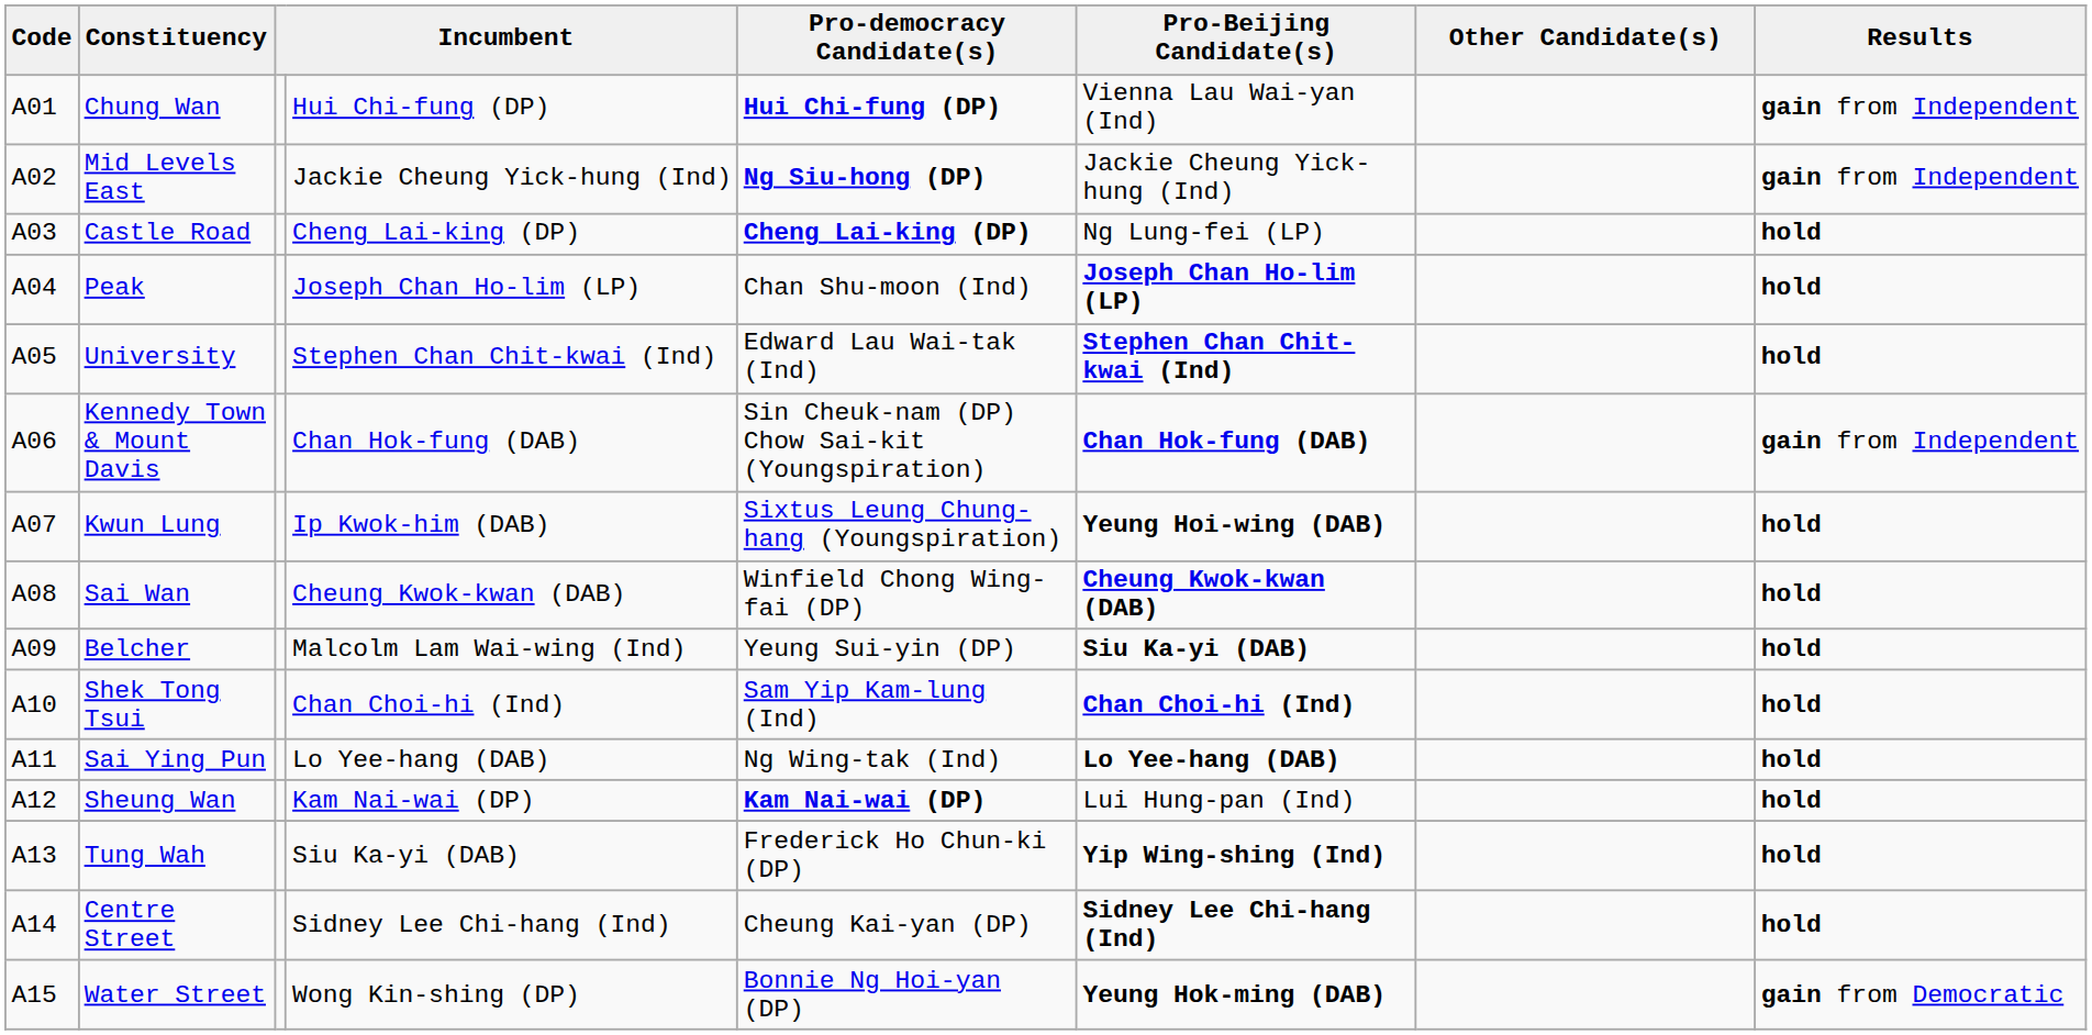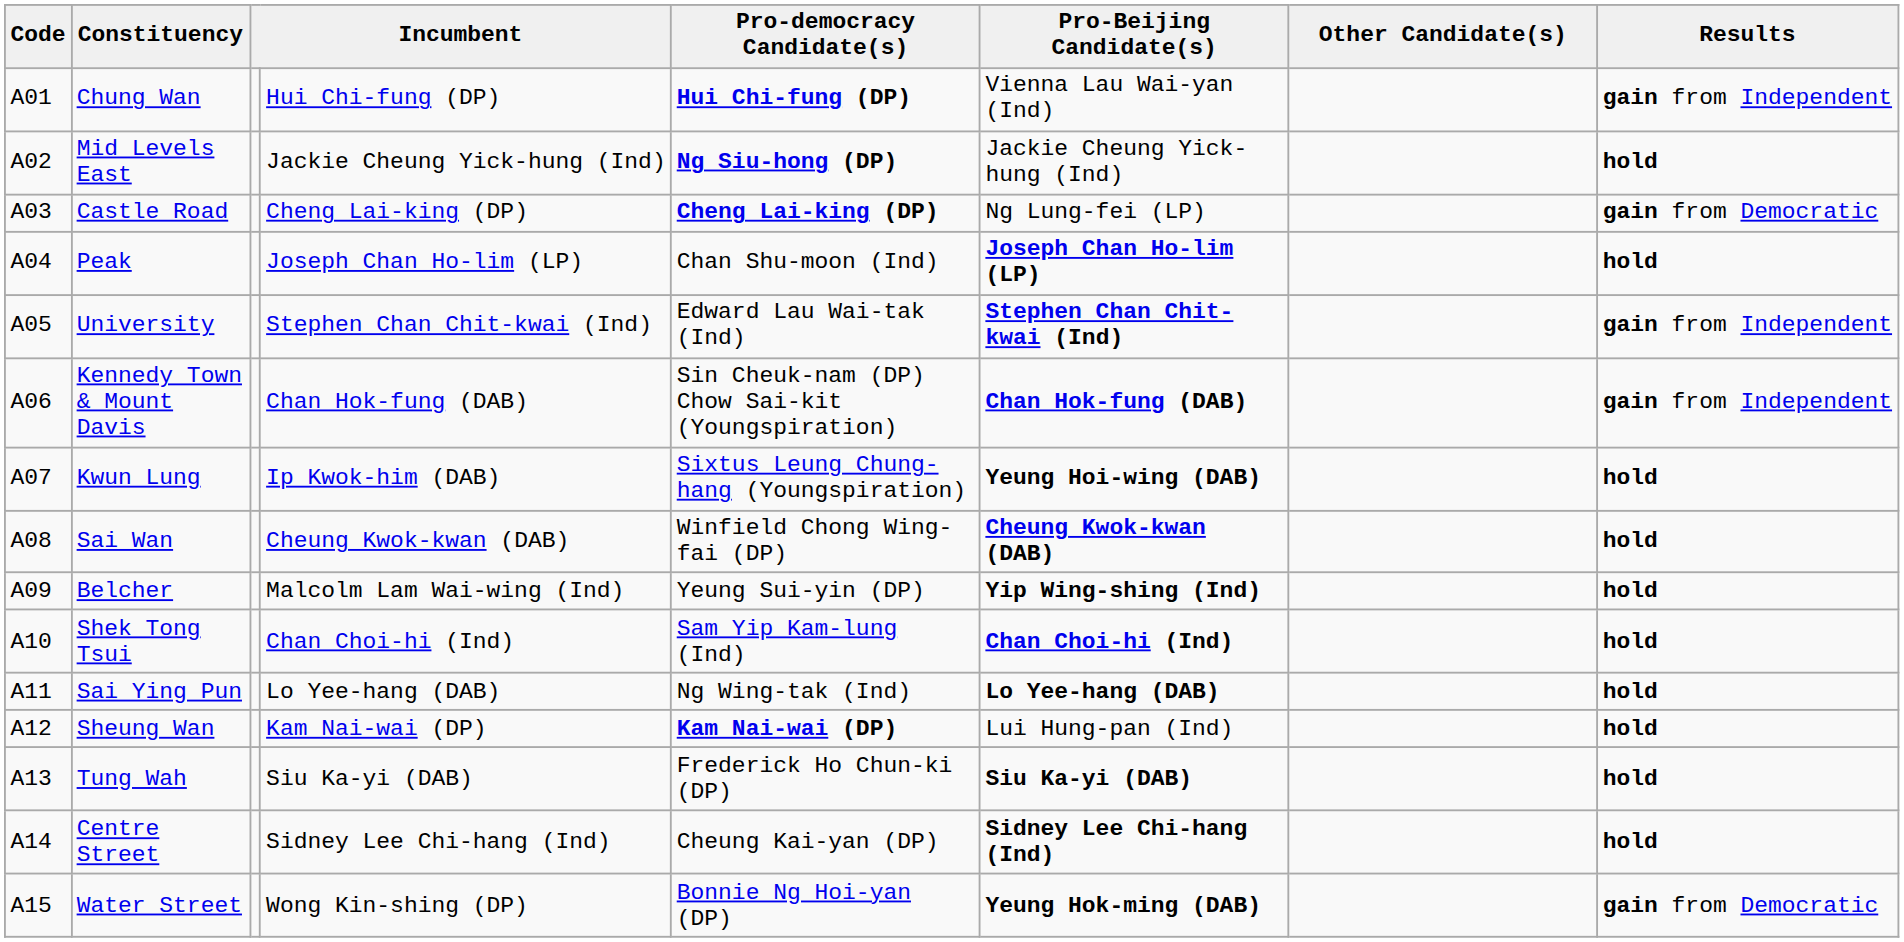 <table class="wikitable sortable" style="font-size: 95%;">
 <tr>
 <th align="center" style="background:#f0f0f0;" width="20px"><strong>Code</strong></th>
 <th align="center" style="background:#f0f0f0;" width="90px"><strong>Constituency</strong></th>
 <th align="center" style="background:#f0f0f0;" width="120px" colspan="2"><strong>Incumbent</strong></th>
 <th align="center" style="background:#f0f0f0;" width="160px"><strong>Pro-democracy Candidate(s)</strong></th>
 <th align="center" style="background:#f0f0f0;" width="160px"><strong>Pro-Beijing Candidate(s)</strong></th>
 <th align="center" style="background:#f0f0f0;" width="160px"><strong>Other Candidate(s)</strong></th>
 <th align="center" style="background:#f0f0f0;" width="100px" colspan="2"><strong>Results</strong></th>
 </tr>
 <tr>
 <td>A01</td>
 <td><a href='#'>Chung Wan</a></td>
 <td></td>
 <td><a href='#'>Hui Chi-fung</a> (DP)</td>
 <td><strong><a href='#'>Hui Chi-fung</a> (DP)</strong></td>
 <td>Vienna Lau Wai-yan (Ind)</td>
 <td></td>
 <td> <strong>gain</strong> from <a href='#'>Independent</a></td>
 </tr>
 <tr>
 <td>A02</td>
 <td><a href='#'>Mid Levels East</a></td>
 <td></td>
 <td>Jackie Cheung Yick-hung (Ind)</td>
 <td><strong><a href='#'>Ng Siu-hong</a> (DP)</strong></td>
 <td>Jackie Cheung Yick-hung (Ind)</td>
 <td></td>
-<td> <strong>gain</strong> from <a href='#'>Independent</a></td>
+<td> <strong>hold</strong></td>
 </tr>
 <tr>
 <td>A03</td>
 <td><a href='#'>Castle Road</a></td>
 <td></td>
 <td><a href='#'>Cheng Lai-king</a> (DP)</td>
 <td><strong><a href='#'>Cheng Lai-king</a> (DP)</strong></td>
 <td>Ng Lung-fei (LP)</td>
 <td></td>
-<td> <strong>hold</strong></td>
+<td> <strong>gain</strong> from <a href='#'>Democratic</a></td>
 </tr>
 <tr>
 <td>A04</td>
 <td><a href='#'>Peak</a></td>
 <td></td>
 <td><a href='#'>Joseph Chan Ho-lim</a> (LP)</td>
 <td>Chan Shu-moon (Ind)</td>
 <td><strong><a href='#'>Joseph Chan Ho-lim</a> (LP)</strong></td>
 <td></td>
 <td> <strong>hold</strong></td>
 </tr>
 <tr>
 <td>A05</td>
 <td><a href='#'>University</a></td>
 <td></td>
 <td><a href='#'>Stephen Chan Chit-kwai</a> (Ind)</td>
 <td>Edward Lau Wai-tak (Ind)</td>
 <td><strong><a href='#'>Stephen Chan Chit-kwai</a> (Ind)</strong></td>
 <td></td>
-<td> <strong>hold</strong></td>
+<td> <strong>gain</strong> from <a href='#'>Independent</a></td>
 </tr>
 <tr>
 <td>A06</td>
 <td><a href='#'>Kennedy Town & Mount Davis</a></td>
 <td></td>
 <td><a href='#'>Chan Hok-fung</a> (DAB)</td>
 <td>Sin Cheuk-nam (DP)<br>Chow Sai-kit (Youngspiration)</td>
 <td><strong><a href='#'>Chan Hok-fung</a> (DAB)</strong></td>
 <td></td>
 <td> <strong>gain</strong> from <a href='#'>Independent</a></td>
 </tr>
 <tr>
 <td>A07</td>
 <td><a href='#'>Kwun Lung</a></td>
 <td></td>
 <td><a href='#'>Ip Kwok-him</a> (DAB)</td>
 <td><a href='#'>Sixtus Leung Chung-hang</a> (Youngspiration)</td>
 <td><strong>Yeung Hoi-wing (DAB)</strong></td>
 <td></td>
 <td> <strong>hold</strong></td>
 </tr>
 <tr>
 <td>A08</td>
 <td><a href='#'>Sai Wan</a></td>
 <td></td>
 <td><a href='#'>Cheung Kwok-kwan</a> (DAB)</td>
 <td>Winfield Chong Wing-fai (DP)</td>
 <td><strong><a href='#'>Cheung Kwok-kwan</a> (DAB)</strong></td>
 <td></td>
 <td> <strong>hold</strong></td>
 </tr>
 <tr>
 <td>A09</td>
 <td><a href='#'>Belcher</a></td>
 <td></td>
 <td>Malcolm Lam Wai-wing (Ind)</td>
 <td>Yeung Sui-yin (DP)</td>
-<td><strong>Siu Ka-yi (DAB)</strong></td>
+<td><strong>Yip Wing-shing (Ind)</strong></td>
 <td></td>
 <td> <strong>hold</strong></td>
 </tr>
 <tr>
 <td>A10</td>
 <td><a href='#'>Shek Tong Tsui</a></td>
 <td></td>
 <td><a href='#'>Chan Choi-hi</a> (Ind)</td>
 <td><a href='#'>Sam Yip Kam-lung</a> (Ind)</td>
 <td><strong><a href='#'>Chan Choi-hi</a> (Ind)</strong></td>
 <td></td>
 <td> <strong>hold</strong></td>
 </tr>
 <tr>
 <td>A11</td>
 <td><a href='#'>Sai Ying Pun</a></td>
 <td></td>
 <td>Lo Yee-hang (DAB)</td>
 <td>Ng Wing-tak (Ind)</td>
 <td><strong>Lo Yee-hang (DAB)</strong></td>
 <td></td>
 <td> <strong>hold</strong></td>
 </tr>
 <tr>
 <td>A12</td>
 <td><a href='#'>Sheung Wan</a></td>
 <td></td>
 <td><a href='#'>Kam Nai-wai</a> (DP)</td>
 <td><strong><a href='#'>Kam Nai-wai</a> (DP)</strong></td>
 <td>Lui Hung-pan (Ind)</td>
 <td></td>
 <td> <strong>hold</strong></td>
 </tr>
 <tr>
 <td>A13</td>
 <td><a href='#'>Tung Wah</a></td>
 <td></td>
 <td>Siu Ka-yi (DAB)</td>
 <td>Frederick Ho Chun-ki (DP)</td>
-<td><strong>Yip Wing-shing (Ind)</strong></td>
+<td><strong>Siu Ka-yi (DAB)</strong></td>
 <td></td>
 <td> <strong>hold</strong></td>
 </tr>
 <tr>
 <td>A14</td>
 <td><a href='#'>Centre Street</a></td>
 <td></td>
 <td>Sidney Lee Chi-hang (Ind)</td>
 <td>Cheung Kai-yan (DP)</td>
 <td><strong>Sidney Lee Chi-hang (Ind)</strong></td>
 <td></td>
 <td> <strong>hold</strong></td>
 </tr>
 <tr>
 <td>A15</td>
 <td><a href='#'>Water Street</a></td>
 <td></td>
 <td>Wong Kin-shing (DP)</td>
 <td><a href='#'>Bonnie Ng Hoi-yan</a> (DP)</td>
 <td><strong>Yeung Hok-ming (DAB)</strong></td>
 <td></td>
 <td> <strong>gain</strong> from <a href='#'>Democratic</a></td>
 </tr>
 </table>
